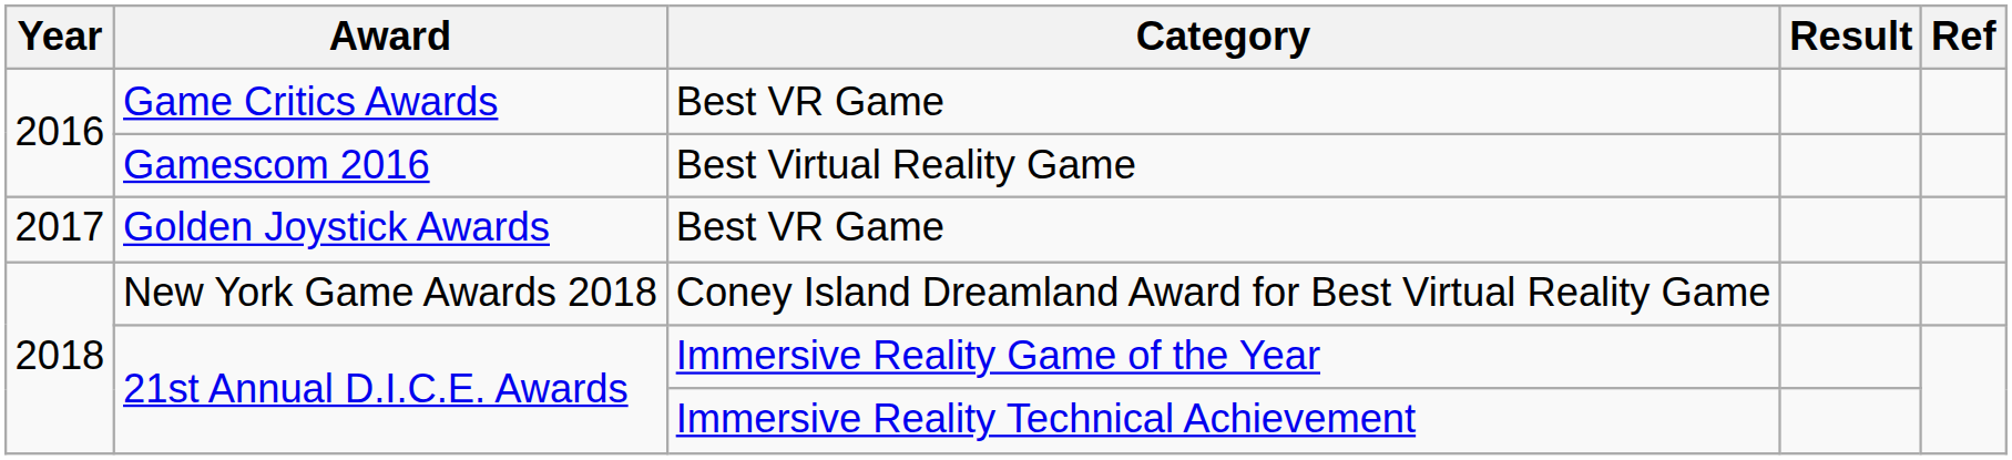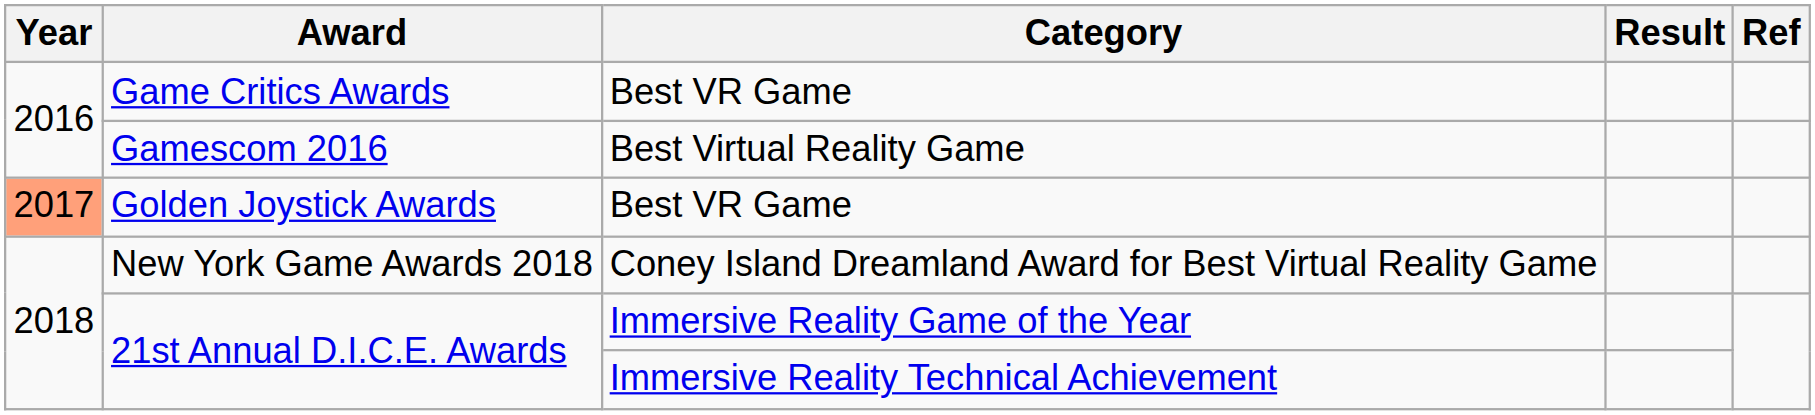 <table class="wikitable sortable">
 <tr>
 <th>Year</th>
 <th>Award</th>
 <th>Category</th>
 <th>Result</th>
 <th>Ref</th>
 </tr>
 <tr>
 <td style="text-align:center;" rowspan="2">2016</td>
 <td rowspan="1"><a href='#'>Game Critics Awards</a></td>
 <td>Best VR Game</td>
 <td></td>
 <td rowspan="1" style="text-align:center;"></td>
 </tr>
 <tr>
 <td rowspan="1"><a href='#'>Gamescom 2016</a></td>
 <td>Best Virtual Reality Game</td>
 <td></td>
 <td rowspan="1" style="text-align:center;"></td>
 </tr>
 <tr>
-<td style="text-align:center;" rowspan="1">2017</td>
+<td style="background: lightsalmon; text-align:center;" rowspan="1">2017</td>
 <td rowspan="1"><a href='#'>Golden Joystick Awards</a></td>
 <td>Best VR Game</td>
 <td></td>
 <td rowspan="1" style="text-align:center;"></td>
 </tr>
 <tr>
 <td style="text-align:center;" rowspan="3">2018</td>
 <td rowspan="1">New York Game Awards 2018</td>
 <td>Coney Island Dreamland Award for Best Virtual Reality Game</td>
 <td></td>
 <td rowspan="1" style="text-align:center;"></td>
 </tr>
 <tr>
 <td rowspan="2"><a href='#'>21st Annual D.I.C.E. Awards</a></td>
 <td><a href='#'>Immersive Reality Game of the Year</a></td>
 <td></td>
 <td rowspan="2" style="text-align:center;"></td>
 </tr>
 <tr>
 <td><a href='#'>Immersive Reality Technical Achievement</a></td>
 <td></td>
 </tr>
 </table>
